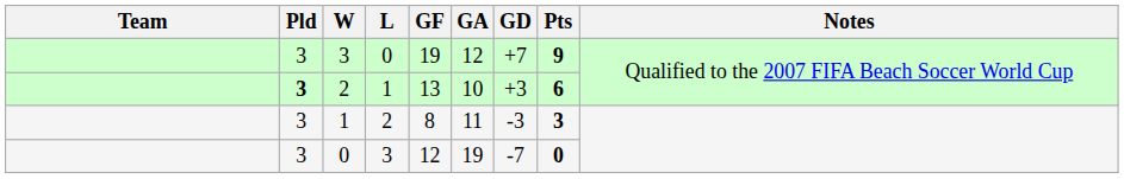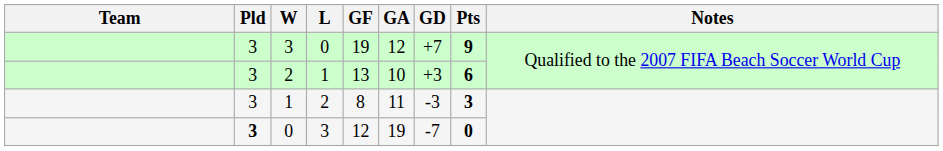 <table class="wikitable" style="text-align:center;">
 <tr>
 <th width=200>Team</th>
 <th width=25>Pld</th>
 <th width=25>W</th>
 <th width=25>L</th>
 <th width=25>GF</th>
 <th width=25>GA</th>
 <th width=25>GD</th>
 <th width=25>Pts</th>
 <th width=400>Notes</th>
 </tr>
 <tr align=center style="background:#ccffcc;">
 <td style="text-align:left;"></td>
 <td>3</td>
 <td>3</td>
 <td>0</td>
 <td>19</td>
 <td>12</td>
 <td>+7</td>
 <td><strong>9</strong></td>
 <td rowspan=2>Qualified to the <a href='#'>2007 FIFA Beach Soccer World Cup</a></td>
 </tr>
 <tr align=center style="background:#ccffcc;">
 <td style="text-align:left;"></td>
-<td><strong>3</strong></td>
+<td>3</td>
 <td>2</td>
 <td>1</td>
 <td>13</td>
 <td>10</td>
 <td>+3</td>
 <td><strong>6</strong></td>
 </tr>
 <tr align=center style="background:#f5f5f5;">
 <td style="text-align:left;"></td>
 <td>3</td>
 <td>1</td>
 <td>2</td>
 <td>8</td>
 <td>11</td>
 <td>-3</td>
 <td><strong>3</strong></td>
 <td rowspan=2></td>
 </tr>
 <tr align=center style="background:#f5f5f5;">
 <td style="text-align:left;"></td>
-<td>3</td>
+<td><strong>3</strong></td>
 <td>0</td>
 <td>3</td>
 <td>12</td>
 <td>19</td>
 <td>-7</td>
 <td><strong>0</strong></td>
 </tr>
 </table>
